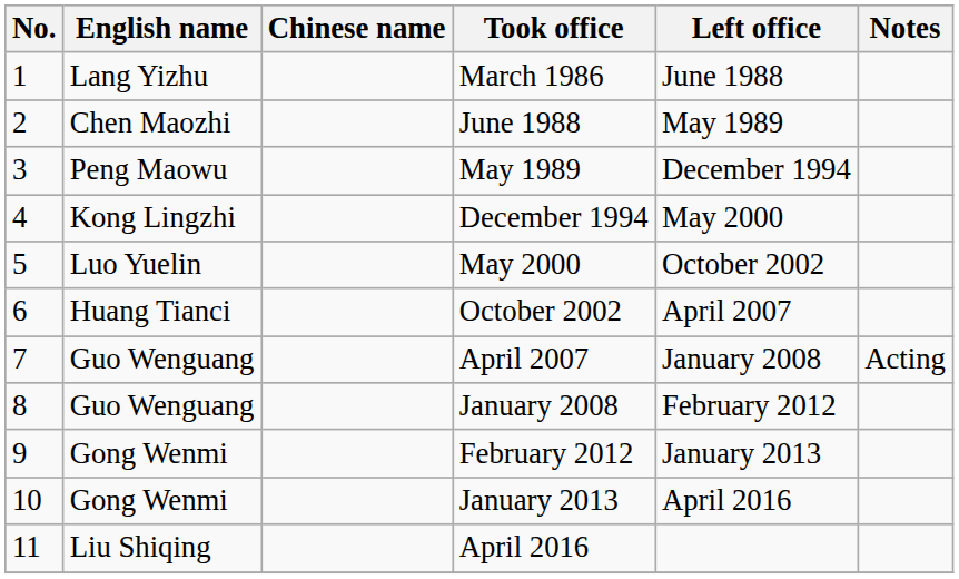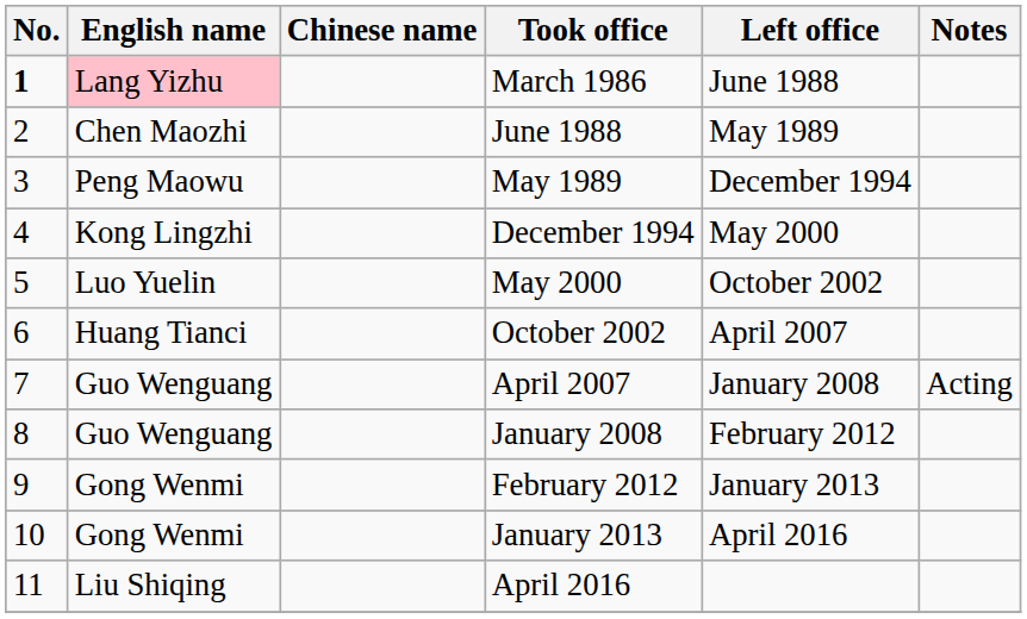 <table class="wikitable">
 <tr>
 <th>No.</th>
 <th>English name</th>
 <th>Chinese name</th>
 <th>Took office</th>
 <th>Left office</th>
 <th>Notes</th>
 </tr>
 <tr>
-<td>1</td>
-<td>Lang Yizhu</td>
+<td><strong>1</strong></td>
+<td style="background: pink;">Lang Yizhu</td>
 <td></td>
 <td>March 1986</td>
 <td>June 1988</td>
 <td></td>
 </tr>
 <tr>
 <td>2</td>
 <td>Chen Maozhi</td>
 <td></td>
 <td>June 1988</td>
 <td>May 1989</td>
 <td></td>
 </tr>
 <tr>
 <td>3</td>
 <td>Peng Maowu</td>
 <td></td>
 <td>May 1989</td>
 <td>December 1994</td>
 <td></td>
 </tr>
 <tr>
 <td>4</td>
 <td>Kong Lingzhi</td>
 <td></td>
 <td>December 1994</td>
 <td>May 2000</td>
 <td></td>
 </tr>
 <tr>
 <td>5</td>
 <td>Luo Yuelin</td>
 <td></td>
 <td>May 2000</td>
 <td>October 2002</td>
 <td></td>
 </tr>
 <tr>
 <td>6</td>
 <td>Huang Tianci</td>
 <td></td>
 <td>October 2002</td>
 <td>April 2007</td>
 <td></td>
 </tr>
 <tr>
 <td>7</td>
 <td>Guo Wenguang</td>
 <td></td>
 <td>April 2007</td>
 <td>January 2008</td>
 <td>Acting</td>
 </tr>
 <tr>
 <td>8</td>
 <td>Guo Wenguang</td>
 <td></td>
 <td>January 2008</td>
 <td>February 2012</td>
 <td></td>
 </tr>
 <tr>
 <td>9</td>
 <td>Gong Wenmi</td>
 <td></td>
 <td>February 2012</td>
 <td>January 2013</td>
 <td></td>
 </tr>
 <tr>
 <td>10</td>
 <td>Gong Wenmi</td>
 <td></td>
 <td>January 2013</td>
 <td>April 2016</td>
 <td></td>
 </tr>
 <tr>
 <td>11</td>
 <td>Liu Shiqing</td>
 <td></td>
 <td>April 2016</td>
 <td></td>
 <td></td>
 </tr>
 <tr>
 </tr>
 </table>
